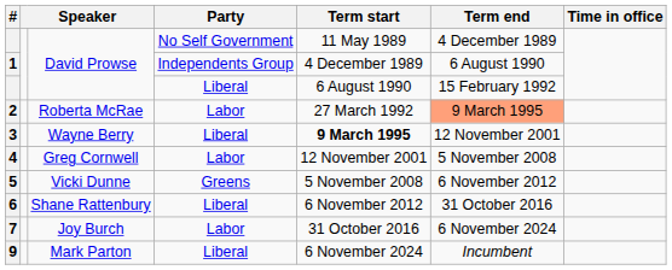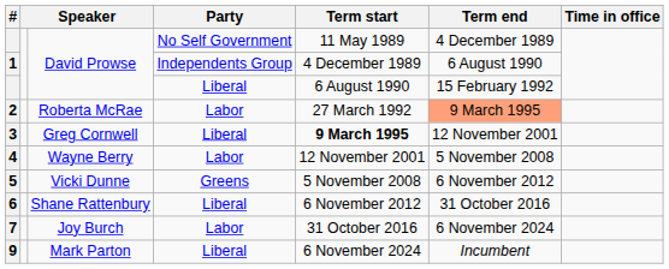 <table class="wikitable" style="text-align:center">
 <tr>
 <th class=unsortable>#</th>
 <th colspan=2>Speaker<br></th>
 <th>Party</th>
 <th>Term start</th>
 <th>Term end</th>
 <th>Time in office</th>
 </tr>
 <tr>
 <th style="background:"></th>
 <td rowspan=3></td>
 <td rowspan=3><a href='#'>David Prowse</a> <br> </td>
 <td><a href='#'>No Self Government</a></td>
 <td>11 May 1989</td>
 <td>4 December 1989</td>
 <td rowspan=3></td>
 </tr>
 <tr>
 <th style="background:">1</th>
 <td><a href='#'>Independents Group</a></td>
 <td>4 December 1989</td>
 <td>6 August 1990</td>
 </tr>
 <tr>
 <th style="background:"></th>
 <td><a href='#'>Liberal</a></td>
 <td>6 August 1990</td>
 <td>15 February 1992</td>
 </tr>
 <tr>
 <th style="background:">2</th>
 <td></td>
 <td><a href='#'>Roberta McRae</a> <br> </td>
 <td><a href='#'>Labor</a></td>
 <td>27 March 1992</td>
 <td style="background: lightsalmon;">9 March 1995</td>
 <td></td>
 </tr>
 <tr>
 <th style="background:">3</th>
 <td></td>
-<td><a href='#'>Wayne Berry</a> <br> </td>
+<td><a href='#'>Greg Cornwell</a> <br> </td>
 <td><a href='#'>Liberal</a></td>
 <td><strong>9 March 1995</strong></td>
 <td>12 November 2001</td>
 <td></td>
 </tr>
 <tr>
 <th style="background:">4</th>
 <td></td>
-<td><a href='#'>Greg Cornwell</a> <br> </td>
+<td><a href='#'>Wayne Berry</a> <br> </td>
 <td><a href='#'>Labor</a></td>
 <td>12 November 2001</td>
 <td>5 November 2008</td>
 <td></td>
 </tr>
 <tr>
 <th style="background:">5</th>
 <td></td>
 <td><a href='#'>Vicki Dunne</a> <br> </td>
 <td><a href='#'>Greens</a></td>
 <td>5 November 2008</td>
 <td>6 November 2012</td>
 <td></td>
 </tr>
 <tr>
 <th style="background:">6</th>
 <td></td>
 <td><a href='#'>Shane Rattenbury</a> <br> </td>
 <td><a href='#'>Liberal</a></td>
 <td>6 November 2012</td>
 <td>31 October 2016</td>
 <td></td>
 </tr>
 <tr>
 <th style="background:">7</th>
 <td></td>
 <td><a href='#'>Joy Burch</a></td>
 <td><a href='#'>Labor</a></td>
 <td>31 October 2016</td>
 <td>6 November 2024</td>
 <td><strong></strong></td>
 </tr>
 <tr>
 <th style="background:">9</th>
 <td></td>
 <td><a href='#'>Mark Parton</a> <br> </td>
 <td><a href='#'>Liberal</a></td>
 <td>6 November 2024</td>
 <td><em>Incumbent</em></td>
 <td></td>
 </tr>
 </table>
